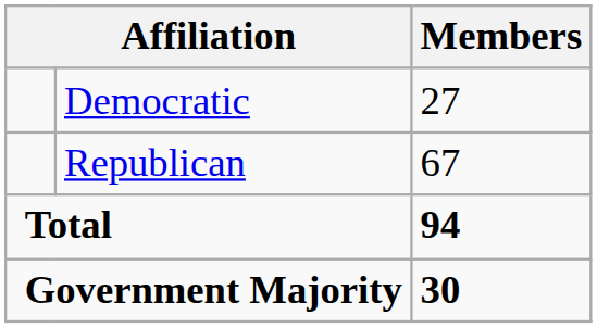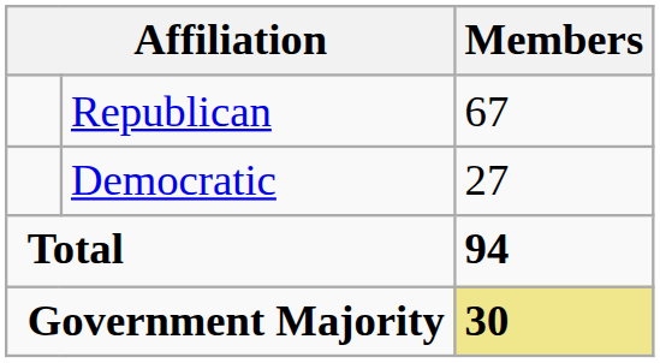 <table class="wikitable">
 <tr>
 <th colspan="2">Affiliation</th>
 <th>Members</th>
 </tr>
 <tr>
 <td style="background-color:"> </td>
-<td><a href='#'>Democratic</a></td>
-<td>27</td>
+<td><a href='#'>Republican</a></td>
+<td>67</td>
 </tr>
 <tr>
 <td style="background-color:"> </td>
-<td><a href='#'>Republican</a></td>
-<td>67</td>
+<td><a href='#'>Democratic</a></td>
+<td>27</td>
 </tr>
 <tr>
 <td colspan="2" rowspan="1"> <strong>Total</strong></td>
 <td><strong>94</strong></td>
 </tr>
 <tr>
 <td colspan="2" rowspan="1"> <strong>Government Majority</strong></td>
-<td><strong>30</strong></td>
+<td style="background: khaki;"><strong>30</strong></td>
 </tr>
 </table>
